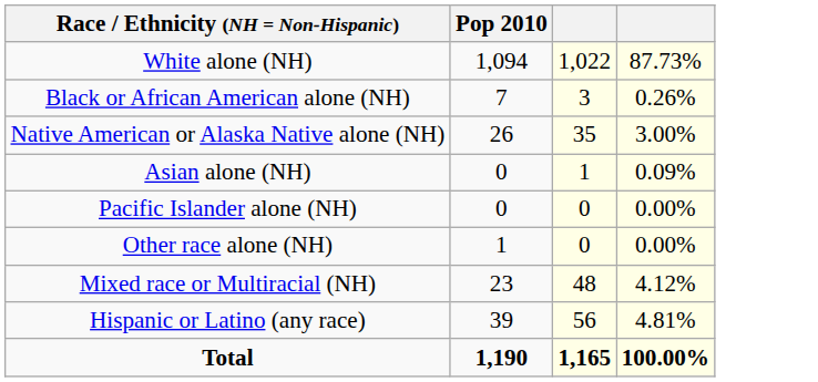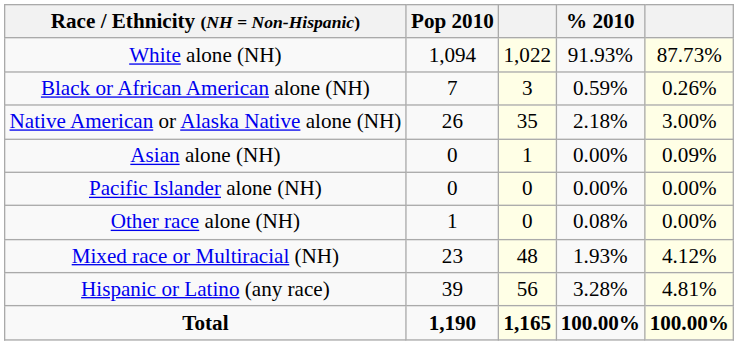 <table class="wikitable" style="text-align:center;">
 <tr>
 <th>Race / Ethnicity <small>(<em>NH = Non-Hispanic</em>)</small></th>
 <th>Pop 2010</th>
 <th></th>
+<th>% 2010</th>
 <th></th>
 </tr>
 <tr>
 <td><a href='#'>White</a> alone (NH)</td>
 <td>1,094</td>
 <td style='background: #ffffe6;'>1,022</td>
+<td>91.93%</td>
 <td style='background: #ffffe6;'>87.73%</td>
 </tr>
 <tr>
 <td><a href='#'>Black or African American</a> alone (NH)</td>
 <td>7</td>
 <td style='background: #ffffe6;'>3</td>
+<td>0.59%</td>
 <td style='background: #ffffe6;'>0.26%</td>
 </tr>
 <tr>
 <td><a href='#'>Native American</a> or <a href='#'>Alaska Native</a> alone (NH)</td>
 <td>26</td>
 <td style='background: #ffffe6;'>35</td>
+<td>2.18%</td>
 <td style='background: #ffffe6;'>3.00%</td>
 </tr>
 <tr>
 <td><a href='#'>Asian</a> alone (NH)</td>
 <td>0</td>
 <td style='background: #ffffe6;'>1</td>
+<td>0.00%</td>
 <td style='background: #ffffe6;'>0.09%</td>
 </tr>
 <tr>
 <td><a href='#'>Pacific Islander</a> alone (NH)</td>
 <td>0</td>
 <td style='background: #ffffe6;'>0</td>
+<td>0.00%</td>
 <td style='background: #ffffe6;'>0.00%</td>
 </tr>
 <tr>
 <td><a href='#'>Other race</a> alone (NH)</td>
 <td>1</td>
 <td style='background: #ffffe6;'>0</td>
+<td>0.08%</td>
 <td style='background: #ffffe6;'>0.00%</td>
 </tr>
 <tr>
 <td><a href='#'>Mixed race or Multiracial</a> (NH)</td>
 <td>23</td>
 <td style='background: #ffffe6;'>48</td>
+<td>1.93%</td>
 <td style='background: #ffffe6;'>4.12%</td>
 </tr>
 <tr>
 <td><a href='#'>Hispanic or Latino</a> (any race)</td>
 <td>39</td>
 <td style='background: #ffffe6;'>56</td>
+<td>3.28%</td>
 <td style='background: #ffffe6;'>4.81%</td>
 </tr>
 <tr>
 <td><strong>Total</strong></td>
 <td><strong>1,190</strong></td>
 <td style='background: #ffffe6;'><strong>1,165</strong></td>
+<td><strong>100.00%</strong></td>
 <td style='background: #ffffe6;'><strong>100.00%</strong></td>
 </tr>
 </table>
